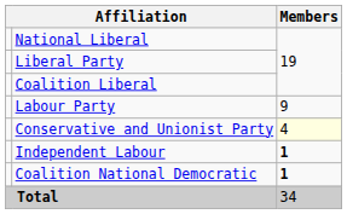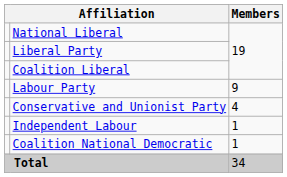 <table class="wikitable">
 <tr>
 <th colspan="2">Affiliation</th>
 <th>Members</th>
 </tr>
 <tr>
 <td style="color:inherit;background-color: "></td>
 <td><a href='#'>National Liberal</a></td>
 <td rowspan="3">19</td>
 </tr>
 <tr>
 <td style="color:inherit;background:"></td>
 <td><a href='#'>Liberal Party</a></td>
 </tr>
 <tr>
 <td></td>
 <td><a href='#'>Coalition Liberal</a></td>
 </tr>
 <tr>
 <td style="color:inherit;background:"></td>
 <td><a href='#'>Labour Party</a></td>
 <td>9</td>
 </tr>
 <tr>
 <td style="color:inherit;background:"></td>
 <td><a href='#'>Conservative and Unionist Party</a></td>
-<td style="background: lightyellow;">4</td>
+<td>4</td>
 </tr>
 <tr>
 <td style="color:inherit;background-color: "></td>
 <td><a href='#'>Independent Labour</a></td>
-<td><strong>1</strong></td>
+<td>1</td>
 </tr>
 <tr>
 <td style="color:inherit;background-color: "></td>
 <td><a href='#'>Coalition National Democratic</a></td>
-<td><strong>1</strong></td>
+<td>1</td>
 </tr>
 <tr style="background:#ccc;">
 <td colspan="2"> <strong>Total</strong></td>
 <td>34</td>
 </tr>
 </table>
